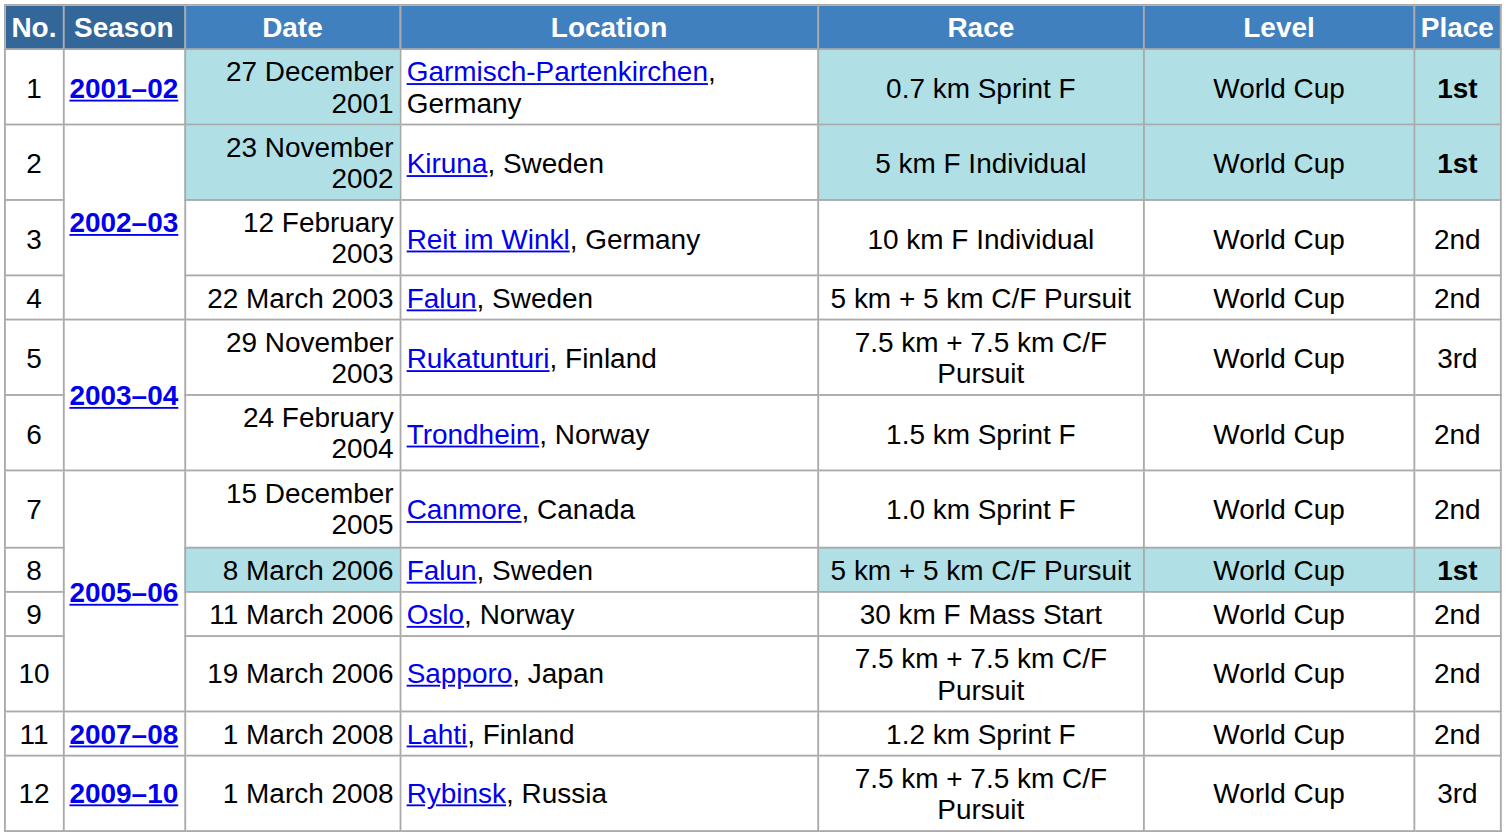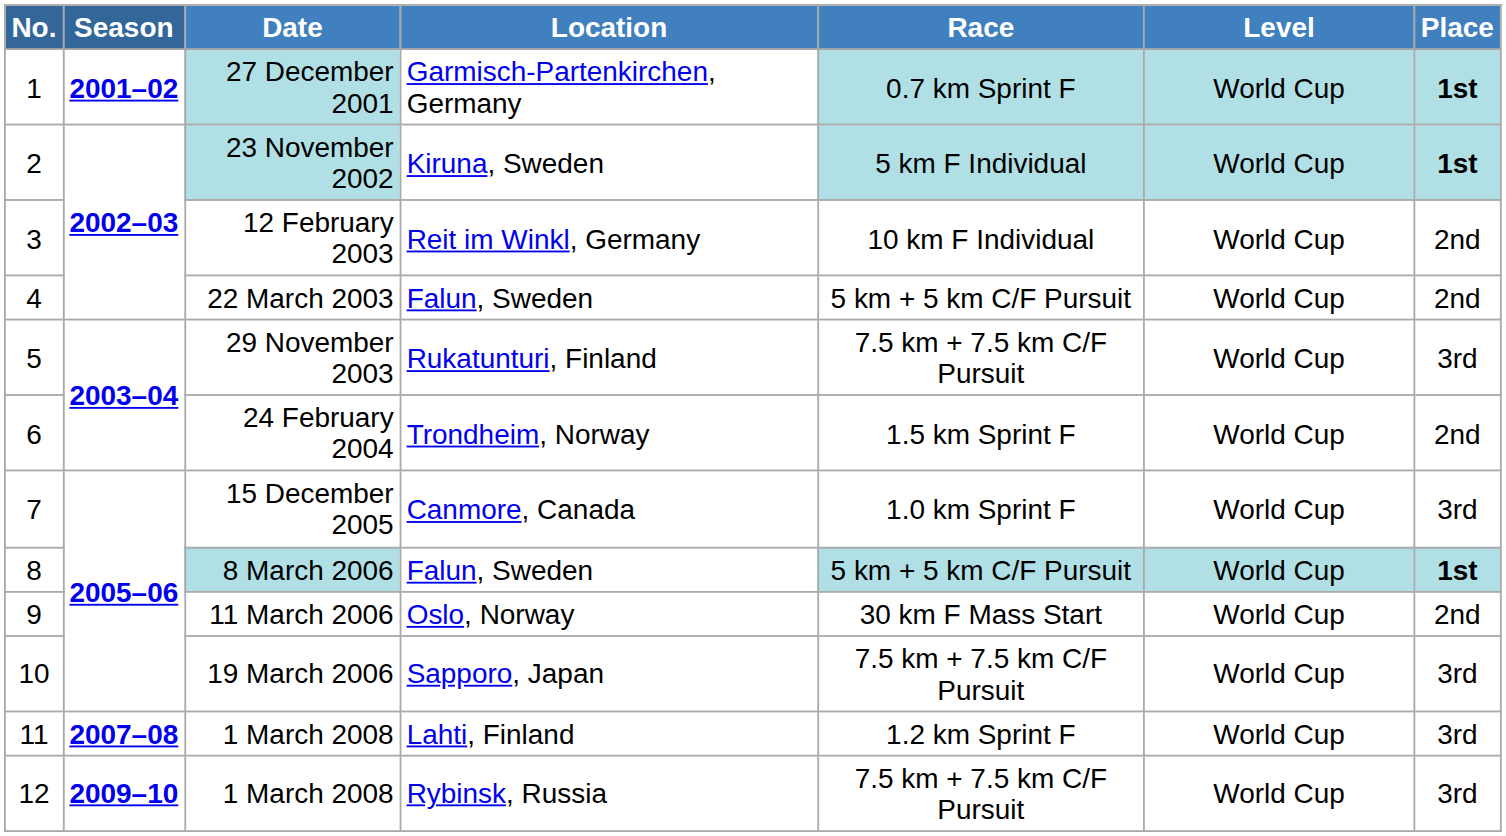 <table class="wikitable sortable" style="font-size:95%; text-align:center; border:grey solid 1px; border-collapse:collapse; background:#ffffff;">
 <tr style="background:#efefef;">
 <th style="background-color:#369; color:white;">No.</th>
 <th style="background-color:#369; color:white;">Season</th>
 <th style="background-color:#4180be; color:white; width:110px;">Date</th>
 <th style="background-color:#4180be; color:white; width:220px;">Location</th>
 <th style="background-color:#4180be; color:white; width:170px;">Race</th>
 <th style="background-color:#4180be; color:white; width:140px;">Level</th>
 <th style="background-color:#4180be; color:white;">Place</th>
 </tr>
 <tr>
 <td align=center>1</td>
 <td align=center><strong><a href='#'>2001–02</a></strong></td>
 <td bgcolor="#BOEOE6" align=right>27 December 2001</td>
 <td align=left> <a href='#'>Garmisch-Partenkirchen</a>, Germany</td>
 <td bgcolor="#BOEOE6">0.7 km Sprint F</td>
 <td bgcolor="#BOEOE6">World Cup</td>
 <td bgcolor="#BOEOE6"><strong>1st</strong></td>
 </tr>
 <tr>
 <td align=center>2</td>
 <td rowspan=3 align=center><strong><a href='#'>2002–03</a></strong></td>
 <td bgcolor="#BOEOE6" align=right>23 November 2002</td>
 <td align=left> <a href='#'>Kiruna</a>, Sweden</td>
 <td bgcolor="#BOEOE6">5 km F Individual</td>
 <td bgcolor="#BOEOE6">World Cup</td>
 <td bgcolor="#BOEOE6"><strong>1st</strong></td>
 </tr>
 <tr>
 <td align=center>3</td>
 <td align=right>12 February 2003</td>
 <td align=left> <a href='#'>Reit im Winkl</a>, Germany</td>
 <td>10 km F Individual</td>
 <td>World Cup</td>
 <td>2nd</td>
 </tr>
 <tr>
 <td align=center>4</td>
 <td align=right>22 March 2003</td>
 <td align=left> <a href='#'>Falun</a>, Sweden</td>
 <td>5 km + 5 km C/F Pursuit</td>
 <td>World Cup</td>
 <td>2nd</td>
 </tr>
 <tr>
 <td align=center>5</td>
 <td rowspan=2 align=center><strong><a href='#'>2003–04</a></strong></td>
 <td align=right>29 November 2003</td>
 <td align=left> <a href='#'>Rukatunturi</a>, Finland</td>
 <td>7.5 km + 7.5 km C/F Pursuit</td>
 <td>World Cup</td>
 <td>3rd</td>
 </tr>
 <tr>
 <td align=center>6</td>
 <td align=right>24 February 2004</td>
 <td align=left> <a href='#'>Trondheim</a>, Norway</td>
 <td>1.5 km Sprint F</td>
 <td>World Cup</td>
 <td>2nd</td>
 </tr>
 <tr>
 <td align=center>7</td>
 <td rowspan=4 align=center><strong><a href='#'>2005–06</a></strong></td>
 <td align=right>15 December 2005</td>
 <td align=left> <a href='#'>Canmore</a>, Canada</td>
 <td>1.0 km Sprint F</td>
 <td>World Cup</td>
-<td>2nd</td>
+<td>3rd</td>
 </tr>
 <tr>
 <td align=center>8</td>
 <td bgcolor="#BOEOE6" align=right>8 March 2006</td>
 <td align=left> <a href='#'>Falun</a>, Sweden</td>
 <td bgcolor="#BOEOE6">5 km + 5 km C/F Pursuit</td>
 <td bgcolor="#BOEOE6">World Cup</td>
 <td bgcolor="#BOEOE6"><strong>1st</strong></td>
 </tr>
 <tr>
 <td align=center>9</td>
 <td align=right>11 March 2006</td>
 <td align=left> <a href='#'>Oslo</a>, Norway</td>
 <td>30 km F Mass Start</td>
 <td>World Cup</td>
 <td>2nd</td>
 </tr>
 <tr>
 <td align=center>10</td>
 <td align=right>19 March 2006</td>
 <td align=left> <a href='#'>Sapporo</a>, Japan</td>
 <td>7.5 km + 7.5 km C/F Pursuit</td>
 <td>World Cup</td>
-<td>2nd</td>
+<td>3rd</td>
 </tr>
 <tr>
 <td align=center>11</td>
 <td align=center><strong><a href='#'>2007–08</a></strong></td>
 <td align=right>1 March 2008</td>
 <td align=left> <a href='#'>Lahti</a>, Finland</td>
 <td>1.2 km Sprint F</td>
 <td>World Cup</td>
-<td>2nd</td>
+<td>3rd</td>
 </tr>
 <tr>
 <td align=center>12</td>
 <td align=center><strong><a href='#'>2009–10</a></strong></td>
 <td align=right>1 March 2008</td>
 <td align=left> <a href='#'>Rybinsk</a>, Russia</td>
 <td>7.5 km + 7.5 km C/F Pursuit</td>
 <td>World Cup</td>
 <td>3rd</td>
 </tr>
 </table>
